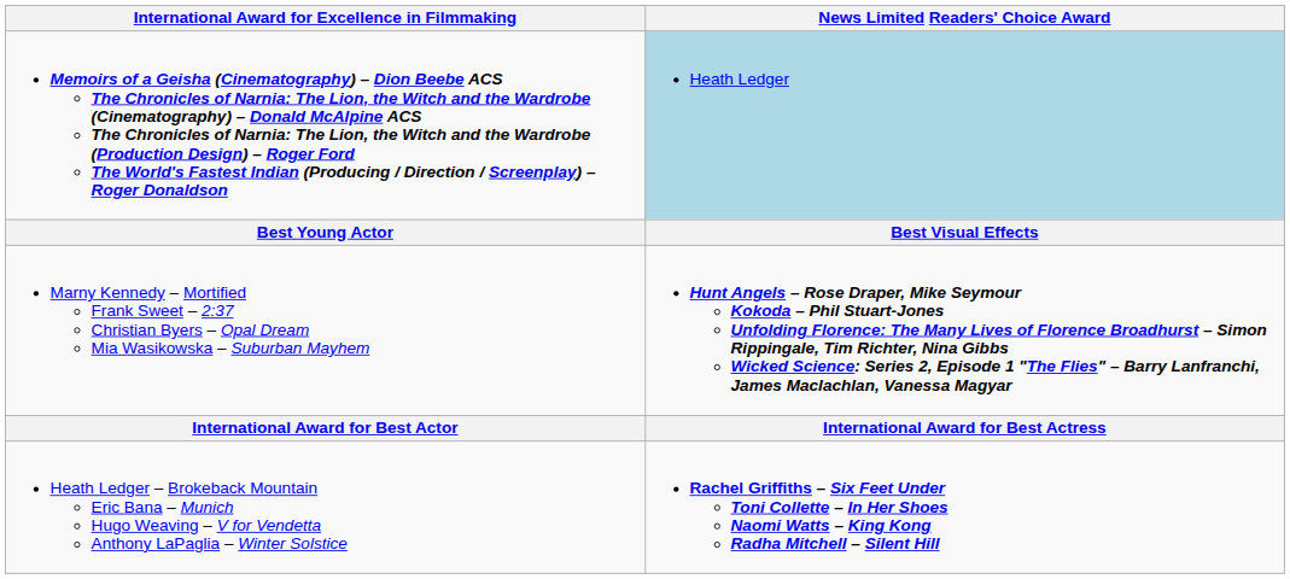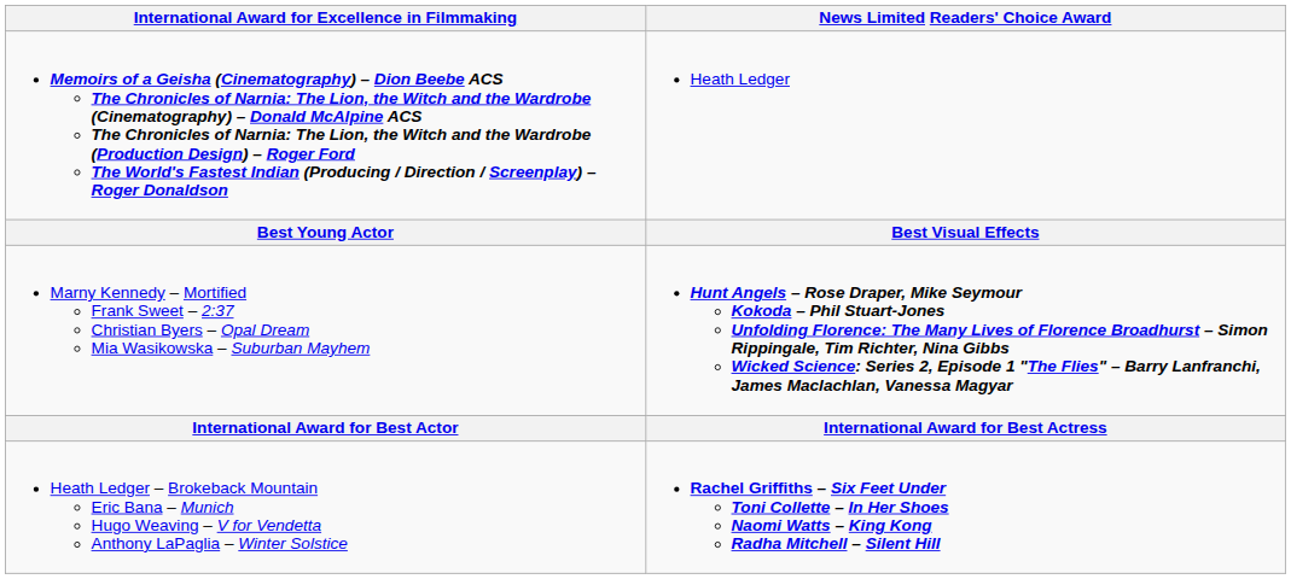 <table class="wikitable">
 <tr>
 <th><a href='#'>International Award for Excellence in Filmmaking</a></th>
 <th><strong><a href='#'>News Limited</a> <a href='#'>Readers' Choice Award</a></strong></th>
 </tr>
 <tr>
 <td width="50%" valign="top"><br><ul><li><strong><em><a href='#'>Memoirs of a Geisha</a><em> (<a href='#'>Cinematography</a>) – <a href='#'>Dion Beebe</a> ACS<strong><ul><li></em><a href='#'>The Chronicles of Narnia: The Lion, the Witch and the Wardrobe</a><em> (Cinematography) – <a href='#'>Donald McAlpine</a> ACS</li><li></em>The Chronicles of Narnia: The Lion, the Witch and the Wardrobe<em> (<a href='#'>Production Design</a>) – <a href='#'>Roger Ford</a></li><li></em><a href='#'>The World's Fastest Indian</a><em> (Producing / Direction / <a href='#'>Screenplay</a>) – <a href='#'>Roger Donaldson</a></li></ul></li></ul></td>
-<td valign="top" style="background: lightblue;"><br><ul><li></strong><a href='#'>Heath Ledger</a><strong></li></ul></td>
+<td valign="top"><br><ul><li></strong><a href='#'>Heath Ledger</a><strong></li></ul></td>
 </tr>
 <tr>
 <th><a href='#'>Best Young Actor</a></th>
 <th><a href='#'>Best Visual Effects</a></th>
 </tr>
 <tr>
 <td valign="top"><br><ul><li></strong><a href='#'>Marny Kennedy</a> – </em><a href='#'>Mortified</a></em></strong><ul><li><a href='#'>Frank Sweet</a> – <em><a href='#'>2:37</a></em></li><li><a href='#'>Christian Byers</a> – <em><a href='#'>Opal Dream</a></em></li><li><a href='#'>Mia Wasikowska</a> – <em><a href='#'>Suburban Mayhem</a></em></li></ul></li></ul></td>
 <td valign="top"><br><ul><li><strong><em><a href='#'>Hunt Angels</a><em> – Rose Draper, Mike Seymour<strong><ul><li></em><a href='#'>Kokoda</a><em> – Phil Stuart-Jones</li><li></em><a href='#'>Unfolding Florence: The Many Lives of Florence Broadhurst</a><em> – Simon Rippingale, Tim Richter, Nina Gibbs</li><li></em><a href='#'>Wicked Science</a><em>: Series 2, Episode 1 "<a href='#'>The Flies</a>" – Barry Lanfranchi, James Maclachlan, Vanessa Magyar</li></ul></li></ul></td>
 </tr>
 <tr>
 <th></strong><a href='#'>International Award for Best Actor</a><strong></th>
 <th></strong><a href='#'>International Award for Best Actress</a><strong></th>
 </tr>
 <tr>
 <td valign="top"><br><ul><li></strong><a href='#'>Heath Ledger</a> – </em><a href='#'>Brokeback Mountain</a></em></strong><ul><li><a href='#'>Eric Bana</a> – <em><a href='#'>Munich</a></em></li><li><a href='#'>Hugo Weaving</a> – <em><a href='#'>V for Vendetta</a></em></li><li><a href='#'>Anthony LaPaglia</a> – <em><a href='#'>Winter Solstice</a></em></li></ul></li></ul></td>
 <td valign="top"><br><ul><li><strong><a href='#'>Rachel Griffiths</a> – <em><a href='#'>Six Feet Under</a><strong><em><ul><li><a href='#'>Toni Collette</a> – </em><a href='#'>In Her Shoes</a><em></li><li><a href='#'>Naomi Watts</a> – <a href='#'></em>King Kong<em></a></li><li><a href='#'>Radha Mitchell</a> – </em><a href='#'>Silent Hill</a><em></li></ul></li></ul></td>
 </tr>
 </table>
